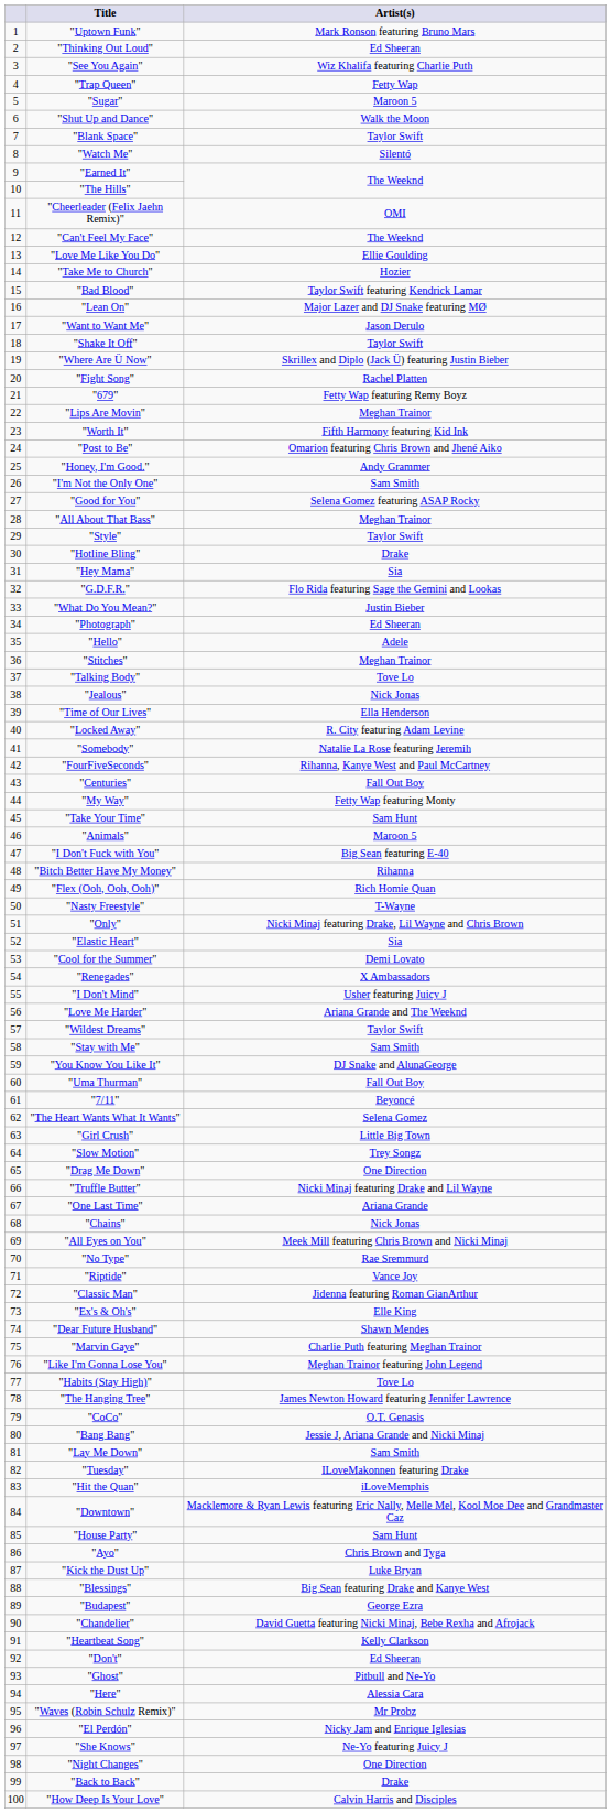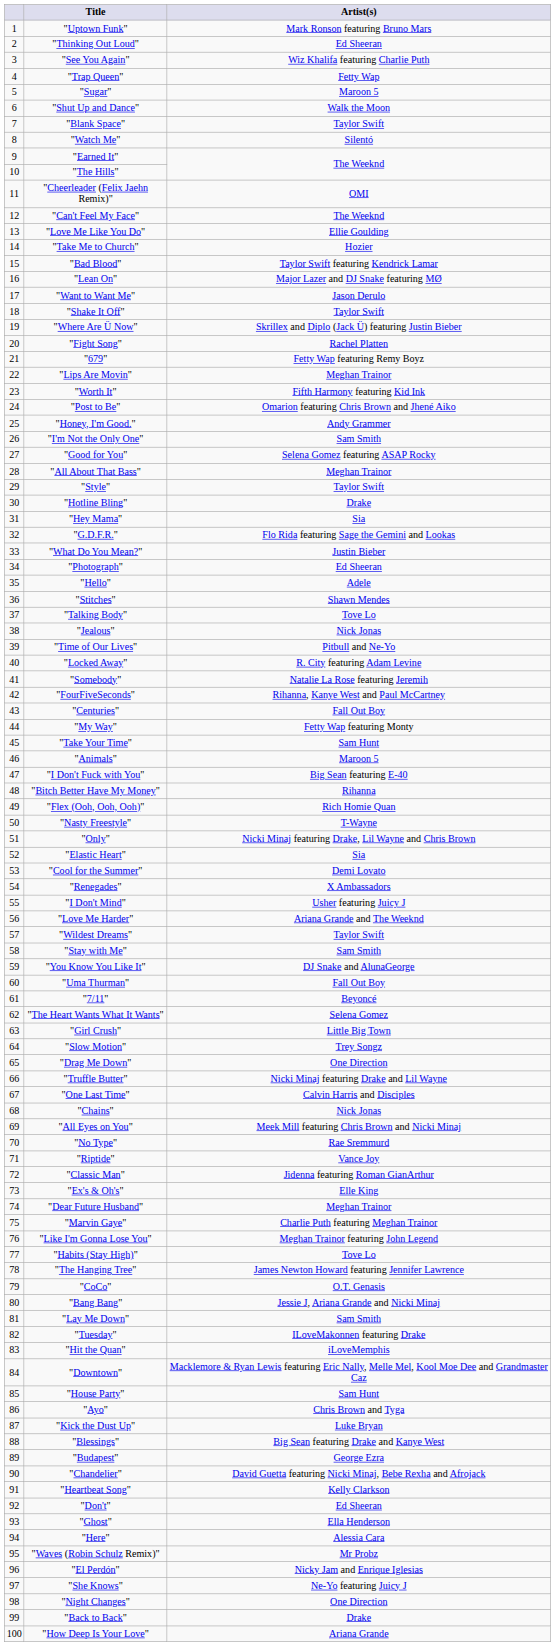 <table class="wikitable sortable" style="text-align: center">
 <tr>
 <th scope="col" style="background:#dde;"></th>
 <th scope="col" style="background:#dde;">Title</th>
 <th scope="col" style="background:#dde;">Artist(s)</th>
 </tr>
 <tr>
 <td>1</td>
 <td>"<a href='#'>Uptown Funk</a>"</td>
 <td><a href='#'>Mark Ronson</a> featuring <a href='#'>Bruno Mars</a></td>
 </tr>
 <tr>
 <td>2</td>
 <td>"<a href='#'>Thinking Out Loud</a>"</td>
 <td><a href='#'>Ed Sheeran</a></td>
 </tr>
 <tr>
 <td>3</td>
 <td>"<a href='#'>See You Again</a>"</td>
 <td><a href='#'>Wiz Khalifa</a> featuring <a href='#'>Charlie Puth</a></td>
 </tr>
 <tr>
 <td>4</td>
 <td>"<a href='#'>Trap Queen</a>"</td>
 <td><a href='#'>Fetty Wap</a></td>
 </tr>
 <tr>
 <td>5</td>
 <td>"<a href='#'>Sugar</a>"</td>
 <td><a href='#'>Maroon 5</a></td>
 </tr>
 <tr>
 <td>6</td>
 <td>"<a href='#'>Shut Up and Dance</a>"</td>
 <td><a href='#'>Walk the Moon</a></td>
 </tr>
 <tr>
 <td>7</td>
 <td>"<a href='#'>Blank Space</a>"</td>
 <td><a href='#'>Taylor Swift</a></td>
 </tr>
 <tr>
 <td>8</td>
 <td>"<a href='#'>Watch Me</a>"</td>
 <td><a href='#'>Silentó</a></td>
 </tr>
 <tr>
 <td>9</td>
 <td>"<a href='#'>Earned It</a>"</td>
 <td rowspan="2"><a href='#'>The Weeknd</a></td>
 </tr>
 <tr>
 <td>10</td>
 <td>"<a href='#'>The Hills</a>"</td>
 </tr>
 <tr>
 <td>11</td>
 <td>"<a href='#'>Cheerleader</a> (<a href='#'>Felix Jaehn</a> Remix)"</td>
 <td><a href='#'>OMI</a></td>
 </tr>
 <tr>
 <td>12</td>
 <td>"<a href='#'>Can't Feel My Face</a>"</td>
 <td><a href='#'>The Weeknd</a></td>
 </tr>
 <tr>
 <td>13</td>
 <td>"<a href='#'>Love Me Like You Do</a>"</td>
 <td><a href='#'>Ellie Goulding</a></td>
 </tr>
 <tr>
 <td>14</td>
 <td>"<a href='#'>Take Me to Church</a>"</td>
 <td><a href='#'>Hozier</a></td>
 </tr>
 <tr>
 <td>15</td>
 <td>"<a href='#'>Bad Blood</a>"</td>
 <td><a href='#'>Taylor Swift</a> featuring <a href='#'>Kendrick Lamar</a></td>
 </tr>
 <tr>
 <td>16</td>
 <td>"<a href='#'>Lean On</a>"</td>
 <td><a href='#'>Major Lazer</a> and <a href='#'>DJ Snake</a> featuring <a href='#'>MØ</a></td>
 </tr>
 <tr>
 <td>17</td>
 <td>"<a href='#'>Want to Want Me</a>"</td>
 <td><a href='#'>Jason Derulo</a></td>
 </tr>
 <tr>
 <td>18</td>
 <td>"<a href='#'>Shake It Off</a>"</td>
 <td><a href='#'>Taylor Swift</a></td>
 </tr>
 <tr>
 <td>19</td>
 <td>"<a href='#'>Where Are Ü Now</a>"</td>
 <td><a href='#'>Skrillex</a> and <a href='#'>Diplo</a> (<a href='#'>Jack Ü</a>) featuring <a href='#'>Justin Bieber</a></td>
 </tr>
 <tr>
 <td>20</td>
 <td>"<a href='#'>Fight Song</a>"</td>
 <td><a href='#'>Rachel Platten</a></td>
 </tr>
 <tr>
 <td>21</td>
 <td>"<a href='#'>679</a>"</td>
 <td><a href='#'>Fetty Wap</a> featuring Remy Boyz</td>
 </tr>
 <tr>
 <td>22</td>
 <td>"<a href='#'>Lips Are Movin</a>"</td>
 <td><a href='#'>Meghan Trainor</a></td>
 </tr>
 <tr>
 <td>23</td>
 <td>"<a href='#'>Worth It</a>"</td>
 <td><a href='#'>Fifth Harmony</a> featuring <a href='#'>Kid Ink</a></td>
 </tr>
 <tr>
 <td>24</td>
 <td>"<a href='#'>Post to Be</a>"</td>
 <td><a href='#'>Omarion</a> featuring <a href='#'>Chris Brown</a> and <a href='#'>Jhené Aiko</a></td>
 </tr>
 <tr>
 <td>25</td>
 <td>"<a href='#'>Honey, I'm Good.</a>"</td>
 <td><a href='#'>Andy Grammer</a></td>
 </tr>
 <tr>
 <td>26</td>
 <td>"<a href='#'>I'm Not the Only One</a>"</td>
 <td><a href='#'>Sam Smith</a></td>
 </tr>
 <tr>
 <td>27</td>
 <td>"<a href='#'>Good for You</a>"</td>
 <td><a href='#'>Selena Gomez</a> featuring <a href='#'>ASAP Rocky</a></td>
 </tr>
 <tr>
 <td>28</td>
 <td>"<a href='#'>All About That Bass</a>"</td>
 <td><a href='#'>Meghan Trainor</a></td>
 </tr>
 <tr>
 <td>29</td>
 <td>"<a href='#'>Style</a>"</td>
 <td><a href='#'>Taylor Swift</a></td>
 </tr>
 <tr>
 <td>30</td>
 <td>"<a href='#'>Hotline Bling</a>"</td>
 <td><a href='#'>Drake</a></td>
 </tr>
 <tr>
 <td>31</td>
 <td>"<a href='#'>Hey Mama</a>"</td>
 <td><a href='#'>Sia</a></td>
 </tr>
 <tr>
 <td>32</td>
 <td>"<a href='#'>G.D.F.R.</a>"</td>
 <td><a href='#'>Flo Rida</a> featuring <a href='#'>Sage the Gemini</a> and <a href='#'>Lookas</a></td>
 </tr>
 <tr>
 <td>33</td>
 <td>"<a href='#'>What Do You Mean?</a>"</td>
 <td><a href='#'>Justin Bieber</a></td>
 </tr>
 <tr>
 <td>34</td>
 <td>"<a href='#'>Photograph</a>"</td>
 <td><a href='#'>Ed Sheeran</a></td>
 </tr>
 <tr>
 <td>35</td>
 <td>"<a href='#'>Hello</a>"</td>
 <td><a href='#'>Adele</a></td>
 </tr>
 <tr>
 <td>36</td>
 <td>"<a href='#'>Stitches</a>"</td>
-<td><a href='#'>Meghan Trainor</a></td>
+<td><a href='#'>Shawn Mendes</a></td>
 </tr>
 <tr>
 <td>37</td>
 <td>"<a href='#'>Talking Body</a>"</td>
 <td><a href='#'>Tove Lo</a></td>
 </tr>
 <tr>
 <td>38</td>
 <td>"<a href='#'>Jealous</a>"</td>
 <td><a href='#'>Nick Jonas</a></td>
 </tr>
 <tr>
 <td>39</td>
 <td>"<a href='#'>Time of Our Lives</a>"</td>
-<td><a href='#'>Ella Henderson</a></td>
+<td><a href='#'>Pitbull</a> and <a href='#'>Ne-Yo</a></td>
 </tr>
 <tr>
 <td>40</td>
 <td>"<a href='#'>Locked Away</a>"</td>
 <td><a href='#'>R. City</a> featuring <a href='#'>Adam Levine</a></td>
 </tr>
 <tr>
 <td>41</td>
 <td>"<a href='#'>Somebody</a>"</td>
 <td><a href='#'>Natalie La Rose</a> featuring <a href='#'>Jeremih</a></td>
 </tr>
 <tr>
 <td>42</td>
 <td>"<a href='#'>FourFiveSeconds</a>"</td>
 <td><a href='#'>Rihanna</a>, <a href='#'>Kanye West</a> and <a href='#'>Paul McCartney</a></td>
 </tr>
 <tr>
 <td>43</td>
 <td>"<a href='#'>Centuries</a>"</td>
 <td><a href='#'>Fall Out Boy</a></td>
 </tr>
 <tr>
 <td>44</td>
 <td>"<a href='#'>My Way</a>"</td>
 <td><a href='#'>Fetty Wap</a> featuring Monty</td>
 </tr>
 <tr>
 <td>45</td>
 <td>"<a href='#'>Take Your Time</a>"</td>
 <td><a href='#'>Sam Hunt</a></td>
 </tr>
 <tr>
 <td>46</td>
 <td>"<a href='#'>Animals</a>"</td>
 <td><a href='#'>Maroon 5</a></td>
 </tr>
 <tr>
 <td>47</td>
 <td>"<a href='#'>I Don't Fuck with You</a>"</td>
 <td><a href='#'>Big Sean</a> featuring <a href='#'>E-40</a></td>
 </tr>
 <tr>
 <td>48</td>
 <td>"<a href='#'>Bitch Better Have My Money</a>"</td>
 <td><a href='#'>Rihanna</a></td>
 </tr>
 <tr>
 <td>49</td>
 <td>"<a href='#'>Flex (Ooh, Ooh, Ooh)</a>"</td>
 <td><a href='#'>Rich Homie Quan</a></td>
 </tr>
 <tr>
 <td>50</td>
 <td>"<a href='#'>Nasty Freestyle</a>"</td>
 <td><a href='#'>T-Wayne</a></td>
 </tr>
 <tr>
 <td>51</td>
 <td>"<a href='#'>Only</a>"</td>
 <td><a href='#'>Nicki Minaj</a> featuring <a href='#'>Drake</a>, <a href='#'>Lil Wayne</a> and <a href='#'>Chris Brown</a></td>
 </tr>
 <tr>
 <td>52</td>
 <td>"<a href='#'>Elastic Heart</a>"</td>
 <td><a href='#'>Sia</a></td>
 </tr>
 <tr>
 <td>53</td>
 <td>"<a href='#'>Cool for the Summer</a>"</td>
 <td><a href='#'>Demi Lovato</a></td>
 </tr>
 <tr>
 <td>54</td>
 <td>"<a href='#'>Renegades</a>"</td>
 <td><a href='#'>X Ambassadors</a></td>
 </tr>
 <tr>
 <td>55</td>
 <td>"<a href='#'>I Don't Mind</a>"</td>
 <td><a href='#'>Usher</a> featuring <a href='#'>Juicy J</a></td>
 </tr>
 <tr>
 <td>56</td>
 <td>"<a href='#'>Love Me Harder</a>"</td>
 <td><a href='#'>Ariana Grande</a> and <a href='#'>The Weeknd</a></td>
 </tr>
 <tr>
 <td>57</td>
 <td>"<a href='#'>Wildest Dreams</a>"</td>
 <td><a href='#'>Taylor Swift</a></td>
 </tr>
 <tr>
 <td>58</td>
 <td>"<a href='#'>Stay with Me</a>"</td>
 <td><a href='#'>Sam Smith</a></td>
 </tr>
 <tr>
 <td>59</td>
 <td>"<a href='#'>You Know You Like It</a>"</td>
 <td><a href='#'>DJ Snake</a> and <a href='#'>AlunaGeorge</a></td>
 </tr>
 <tr>
 <td>60</td>
 <td>"<a href='#'>Uma Thurman</a>"</td>
 <td><a href='#'>Fall Out Boy</a></td>
 </tr>
 <tr>
 <td>61</td>
 <td>"<a href='#'>7/11</a>"</td>
 <td><a href='#'>Beyoncé</a></td>
 </tr>
 <tr>
 <td>62</td>
 <td>"<a href='#'>The Heart Wants What It Wants</a>"</td>
 <td><a href='#'>Selena Gomez</a></td>
 </tr>
 <tr>
 <td>63</td>
 <td>"<a href='#'>Girl Crush</a>"</td>
 <td><a href='#'>Little Big Town</a></td>
 </tr>
 <tr>
 <td>64</td>
 <td>"<a href='#'>Slow Motion</a>"</td>
 <td><a href='#'>Trey Songz</a></td>
 </tr>
 <tr>
 <td>65</td>
 <td>"<a href='#'>Drag Me Down</a>"</td>
 <td><a href='#'>One Direction</a></td>
 </tr>
 <tr>
 <td>66</td>
 <td>"<a href='#'>Truffle Butter</a>"</td>
 <td><a href='#'>Nicki Minaj</a> featuring <a href='#'>Drake</a> and <a href='#'>Lil Wayne</a></td>
 </tr>
 <tr>
 <td>67</td>
 <td>"<a href='#'>One Last Time</a>"</td>
-<td><a href='#'>Ariana Grande</a></td>
+<td><a href='#'>Calvin Harris</a> and <a href='#'>Disciples</a></td>
 </tr>
 <tr>
 <td>68</td>
 <td>"<a href='#'>Chains</a>"</td>
 <td><a href='#'>Nick Jonas</a></td>
 </tr>
 <tr>
 <td>69</td>
 <td>"<a href='#'>All Eyes on You</a>"</td>
 <td><a href='#'>Meek Mill</a> featuring <a href='#'>Chris Brown</a> and <a href='#'>Nicki Minaj</a></td>
 </tr>
 <tr>
 <td>70</td>
 <td>"<a href='#'>No Type</a>"</td>
 <td><a href='#'>Rae Sremmurd</a></td>
 </tr>
 <tr>
 <td>71</td>
 <td>"<a href='#'>Riptide</a>"</td>
 <td><a href='#'>Vance Joy</a></td>
 </tr>
 <tr>
 <td>72</td>
 <td>"<a href='#'>Classic Man</a>"</td>
 <td><a href='#'>Jidenna</a> featuring <a href='#'>Roman GianArthur</a></td>
 </tr>
 <tr>
 <td>73</td>
 <td>"<a href='#'>Ex's & Oh's</a>"</td>
 <td><a href='#'>Elle King</a></td>
 </tr>
 <tr>
 <td>74</td>
 <td>"<a href='#'>Dear Future Husband</a>"</td>
-<td><a href='#'>Shawn Mendes</a></td>
+<td><a href='#'>Meghan Trainor</a></td>
 </tr>
 <tr>
 <td>75</td>
 <td>"<a href='#'>Marvin Gaye</a>"</td>
 <td><a href='#'>Charlie Puth</a> featuring <a href='#'>Meghan Trainor</a></td>
 </tr>
 <tr>
 <td>76</td>
 <td>"<a href='#'>Like I'm Gonna Lose You</a>"</td>
 <td><a href='#'>Meghan Trainor</a> featuring <a href='#'>John Legend</a></td>
 </tr>
 <tr>
 <td>77</td>
 <td>"<a href='#'>Habits (Stay High)</a>"</td>
 <td><a href='#'>Tove Lo</a></td>
 </tr>
 <tr>
 <td>78</td>
 <td>"<a href='#'>The Hanging Tree</a>"</td>
 <td><a href='#'>James Newton Howard</a> featuring <a href='#'>Jennifer Lawrence</a></td>
 </tr>
 <tr>
 <td>79</td>
 <td>"<a href='#'>CoCo</a>"</td>
 <td><a href='#'>O.T. Genasis</a></td>
 </tr>
 <tr>
 <td>80</td>
 <td>"<a href='#'>Bang Bang</a>"</td>
 <td><a href='#'>Jessie J</a>, <a href='#'>Ariana Grande</a> and <a href='#'>Nicki Minaj</a></td>
 </tr>
 <tr>
 <td>81</td>
 <td>"<a href='#'>Lay Me Down</a>"</td>
 <td><a href='#'>Sam Smith</a></td>
 </tr>
 <tr>
 <td>82</td>
 <td>"<a href='#'>Tuesday</a>"</td>
 <td><a href='#'>ILoveMakonnen</a> featuring <a href='#'>Drake</a></td>
 </tr>
 <tr>
 <td>83</td>
 <td>"<a href='#'>Hit the Quan</a>"</td>
 <td><a href='#'>iLoveMemphis</a></td>
 </tr>
 <tr>
 <td>84</td>
 <td>"<a href='#'>Downtown</a>"</td>
 <td><a href='#'>Macklemore & Ryan Lewis</a> featuring <a href='#'>Eric Nally</a>, <a href='#'>Melle Mel</a>, <a href='#'>Kool Moe Dee</a> and <a href='#'>Grandmaster Caz</a></td>
 </tr>
 <tr>
 <td>85</td>
 <td>"<a href='#'>House Party</a>"</td>
 <td><a href='#'>Sam Hunt</a></td>
 </tr>
 <tr>
 <td>86</td>
 <td>"<a href='#'>Ayo</a>"</td>
 <td><a href='#'>Chris Brown</a> and <a href='#'>Tyga</a></td>
 </tr>
 <tr>
 <td>87</td>
 <td>"<a href='#'>Kick the Dust Up</a>"</td>
 <td><a href='#'>Luke Bryan</a></td>
 </tr>
 <tr>
 <td>88</td>
 <td>"<a href='#'>Blessings</a>"</td>
 <td><a href='#'>Big Sean</a> featuring <a href='#'>Drake</a> and <a href='#'>Kanye West</a></td>
 </tr>
 <tr>
 <td>89</td>
 <td>"<a href='#'>Budapest</a>"</td>
 <td><a href='#'>George Ezra</a></td>
 </tr>
 <tr>
 <td>90</td>
 <td>"<a href='#'>Chandelier</a>"</td>
 <td><a href='#'>David Guetta</a> featuring <a href='#'>Nicki Minaj</a>, <a href='#'>Bebe Rexha</a> and <a href='#'>Afrojack</a></td>
 </tr>
 <tr>
 <td>91</td>
 <td>"<a href='#'>Heartbeat Song</a>"</td>
 <td><a href='#'>Kelly Clarkson</a></td>
 </tr>
 <tr>
 <td>92</td>
 <td>"<a href='#'>Don't</a>"</td>
 <td><a href='#'>Ed Sheeran</a></td>
 </tr>
 <tr>
 <td>93</td>
 <td>"<a href='#'>Ghost</a>"</td>
-<td><a href='#'>Pitbull</a> and <a href='#'>Ne-Yo</a></td>
+<td><a href='#'>Ella Henderson</a></td>
 </tr>
 <tr>
 <td>94</td>
 <td>"<a href='#'>Here</a>"</td>
 <td><a href='#'>Alessia Cara</a></td>
 </tr>
 <tr>
 <td>95</td>
 <td>"<a href='#'>Waves</a> (<a href='#'>Robin Schulz</a> Remix)"</td>
 <td><a href='#'>Mr Probz</a></td>
 </tr>
 <tr>
 <td>96</td>
 <td>"<a href='#'>El Perdón</a>"</td>
 <td><a href='#'>Nicky Jam</a> and <a href='#'>Enrique Iglesias</a></td>
 </tr>
 <tr>
 <td>97</td>
 <td>"<a href='#'>She Knows</a>"</td>
 <td><a href='#'>Ne-Yo</a> featuring <a href='#'>Juicy J</a></td>
 </tr>
 <tr>
 <td>98</td>
 <td>"<a href='#'>Night Changes</a>"</td>
 <td><a href='#'>One Direction</a></td>
 </tr>
 <tr>
 <td>99</td>
 <td>"<a href='#'>Back to Back</a>"</td>
 <td><a href='#'>Drake</a></td>
 </tr>
 <tr>
 <td>100</td>
 <td>"<a href='#'>How Deep Is Your Love</a>"</td>
-<td><a href='#'>Calvin Harris</a> and <a href='#'>Disciples</a></td>
+<td><a href='#'>Ariana Grande</a></td>
 </tr>
 </table>
